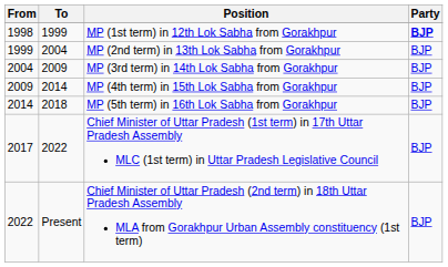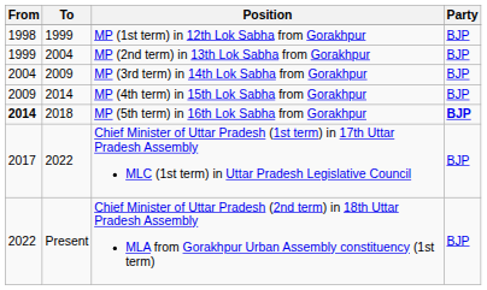 <table class="wikitable sortable">
 <tr>
 <th>From</th>
 <th>To</th>
 <th>Position</th>
 <th>Party</th>
 </tr>
 <tr>
 </tr>
 <tr>
 <td>1998</td>
 <td>1999</td>
 <td><a href='#'>MP</a> (1st term) in <a href='#'>12th Lok Sabha</a> from <a href='#'>Gorakhpur</a></td>
-<td><strong><a href='#'>BJP</a></strong></td>
+<td><a href='#'>BJP</a></td>
 </tr>
 <tr>
 <td>1999</td>
 <td>2004</td>
 <td><a href='#'>MP</a> (2nd term) in <a href='#'>13th Lok Sabha</a> from <a href='#'>Gorakhpur</a></td>
 <td><a href='#'>BJP</a></td>
 </tr>
 <tr>
 <td>2004</td>
 <td>2009</td>
 <td><a href='#'>MP</a> (3rd term) in <a href='#'>14th Lok Sabha</a> from <a href='#'>Gorakhpur</a></td>
 <td><a href='#'>BJP</a></td>
 </tr>
 <tr>
 <td>2009</td>
 <td>2014</td>
 <td><a href='#'>MP</a> (4th term) in <a href='#'>15th Lok Sabha</a> from <a href='#'>Gorakhpur</a></td>
 <td><a href='#'>BJP</a></td>
 </tr>
 <tr>
-<td>2014</td>
+<td><strong>2014</strong></td>
 <td>2018</td>
 <td><a href='#'>MP</a> (5th term) in <a href='#'>16th Lok Sabha</a> from <a href='#'>Gorakhpur</a></td>
-<td><a href='#'>BJP</a></td>
+<td><strong><a href='#'>BJP</a></strong></td>
 </tr>
 <tr>
 <td>2017</td>
 <td>2022</td>
 <td><a href='#'>Chief Minister of Uttar Pradesh</a> (<a href='#'>1st term</a>) in <a href='#'>17th Uttar Pradesh Assembly</a><br><ul><li><a href='#'>MLC</a> (1st term) in <a href='#'>Uttar Pradesh Legislative Council</a></li></ul></td>
 <td><a href='#'>BJP</a></td>
 </tr>
 <tr>
 <td>2022</td>
 <td>Present</td>
 <td><a href='#'>Chief Minister of Uttar Pradesh</a> (<a href='#'>2nd term</a>) in <a href='#'>18th Uttar Pradesh Assembly</a><br><ul><li><a href='#'>MLA</a> from <a href='#'>Gorakhpur Urban Assembly constituency</a> (1st term)</li></ul></td>
 <td><a href='#'>BJP</a></td>
 </tr>
 </table>
